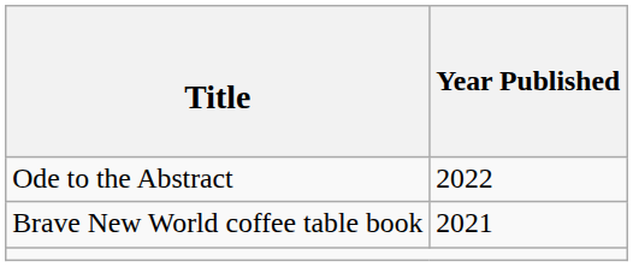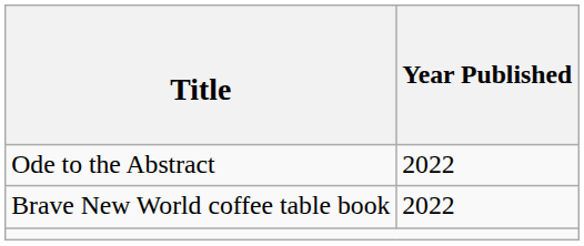 <table class="wikitable sortable mw-collapsible">
 <tr>
 <th><br><h3>Title</h3></th>
 <th>Year Published</th>
 </tr>
 <tr>
 <td>Ode to the Abstract</td>
 <td>2022</td>
 </tr>
 <tr>
 <td>Brave New World coffee table book</td>
-<td>2021</td>
+<td>2022</td>
 </tr>
 <tr>
 <td colspan="2"></td>
 </tr>
 </table>
